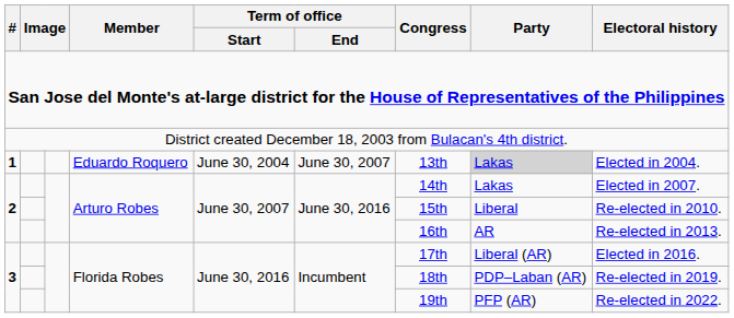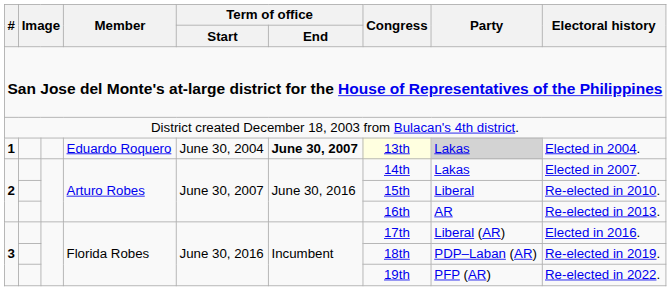 <table class=wikitable>
 <tr>
 <th rowspan="2">#</th>
 <th rowspan="2" colspan=2>Image</th>
 <th rowspan="2">Member</th>
 <th colspan=2>Term of office</th>
 <th rowspan="2">Congress</th>
 <th rowspan="2">Party</th>
 <th rowspan="2">Electoral history</th>
 </tr>
 <tr>
 <th>Start</th>
 <th>End</th>
 </tr>
 <tr>
 <td colspan="9" style="text-align:center;"><br><h3>San Jose del Monte's at-large district for the <a href='#'>House of Representatives of the Philippines</a></h3></td>
 </tr>
 <tr>
 <td colspan="9" style="text-align:center;">District created December 18, 2003 from <a href='#'>Bulacan's 4th district</a>.</td>
 </tr>
 <tr>
 <td style="text-align:center;"><strong>1</strong></td>
 <td style="color:inherit;background:"></td>
 <td></td>
 <td><a href='#'>Eduardo Roquero</a></td>
 <td>June 30, 2004</td>
-<td>June 30, 2007</td>
-<td style="text-align:center;"><a href='#'>13th</a></td>
+<td><strong>June 30, 2007</strong></td>
+<td style="background: lightyellow; text-align:center;"><a href='#'>13th</a></td>
 <td style="background: lightgrey;"><a href='#'>Lakas</a></td>
 <td><a href='#'>Elected in 2004</a>.</td>
 </tr>
 <tr>
 <td rowspan="3" style="text-align:center;"><strong>2</strong></td>
 <td style="color:inherit;background:"></td>
 <td rowspan="3"></td>
 <td rowspan="3"><a href='#'>Arturo Robes</a></td>
 <td rowspan="3">June 30, 2007</td>
 <td rowspan="3">June 30, 2016</td>
 <td style="text-align:center;"><a href='#'>14th</a></td>
 <td><a href='#'>Lakas</a></td>
 <td><a href='#'>Elected in 2007</a>.</td>
 </tr>
 <tr>
 <td style="color:inherit;background:"></td>
 <td style="text-align:center;"><a href='#'>15th</a></td>
 <td><a href='#'>Liberal</a></td>
 <td><a href='#'>Re-elected in 2010</a>.</td>
 </tr>
 <tr>
 <td style="color:inherit;background:"></td>
 <td style="text-align:center;"><a href='#'>16th</a></td>
 <td><a href='#'>AR</a></td>
 <td><a href='#'>Re-elected in 2013</a>.</td>
 </tr>
 <tr>
 <td rowspan="3" style="text-align:center;"><strong>3</strong></td>
 <td style="color:inherit;background:"></td>
 <td rowspan="3"></td>
 <td rowspan="3">Florida Robes</td>
 <td rowspan="3">June 30, 2016</td>
 <td rowspan="3">Incumbent</td>
 <td style="text-align:center;"><a href='#'>17th</a></td>
 <td><a href='#'>Liberal</a> (<a href='#'>AR</a>)</td>
 <td><a href='#'>Elected in 2016</a>.</td>
 </tr>
 <tr>
 <td style="color:inherit;background:"></td>
 <td style="text-align:center;"><a href='#'>18th</a></td>
 <td><a href='#'>PDP–Laban</a> (<a href='#'>AR</a>)</td>
 <td><a href='#'>Re-elected in 2019</a>.</td>
 </tr>
 <tr>
 <td style="color:inherit;background:"></td>
 <td style="text-align:center;"><a href='#'>19th</a></td>
 <td><a href='#'>PFP</a> (<a href='#'>AR</a>)</td>
 <td><a href='#'>Re-elected in 2022</a>.</td>
 </tr>
 </table>
